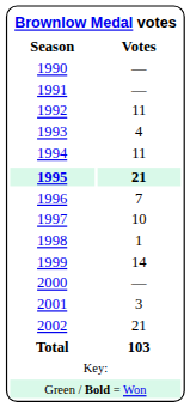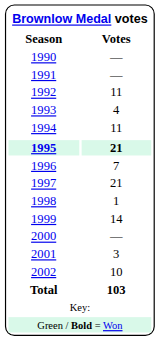 <table style="margin-right:4px; margin-top:8px; float:right; border:1px #000 solid; border-radius:8px; background:#fff; font-family:Verdana; font-size:8pt; text-align:center;">
 <tr style="background:#fff;">
 <td colspan="2;" style="padding:3px; margin-bottom:-3px; margin-top:2px; font-family:Arial; "><strong><a href='#'>Brownlow Medal</a> votes</strong></td>
 </tr>
 <tr>
 <th style="width:50%;">Season</th>
 <th style="width:50%;">Votes</th>
 </tr>
 <tr>
 <td><a href='#'>1990</a></td>
 <td>—</td>
 </tr>
 <tr>
 <td><a href='#'>1991</a></td>
 <td>—</td>
 </tr>
 <tr>
 <td><a href='#'>1992</a></td>
 <td>11</td>
 </tr>
 <tr>
 <td><a href='#'>1993</a></td>
 <td>4</td>
 </tr>
 <tr>
 <td><a href='#'>1994</a></td>
 <td>11</td>
 </tr>
 <tr>
 </tr>
 <tr style="background:#D9F9E9;">
 <td><strong><a href='#'>1995</a></strong></td>
 <td><strong>21</strong></td>
 </tr>
 <tr>
 <td><a href='#'>1996</a></td>
 <td>7</td>
 </tr>
 <tr>
 <td><a href='#'>1997</a></td>
-<td>10</td>
+<td>21</td>
 </tr>
 <tr>
 <td><a href='#'>1998</a></td>
 <td>1</td>
 </tr>
 <tr>
 <td><a href='#'>1999</a></td>
 <td>14</td>
 </tr>
 <tr>
 <td><a href='#'>2000</a></td>
 <td>—</td>
 </tr>
 <tr>
 <td><a href='#'>2001</a></td>
 <td>3</td>
 </tr>
 <tr>
 <td><a href='#'>2002</a></td>
-<td>21</td>
+<td>10</td>
 </tr>
 <tr>
 <td><strong>Total</strong></td>
 <td><strong>103</strong></td>
 </tr>
 <tr>
 <td colspan=2><small>Key:</small></td>
 </tr>
 <tr style="background:#d9f9e9; border:1px solid #aaa; width:2em;">
 <td colspan=2><small>Green / <strong>Bold</strong> = <a href='#'>Won</a></small></td>
 </tr>
 </table>
